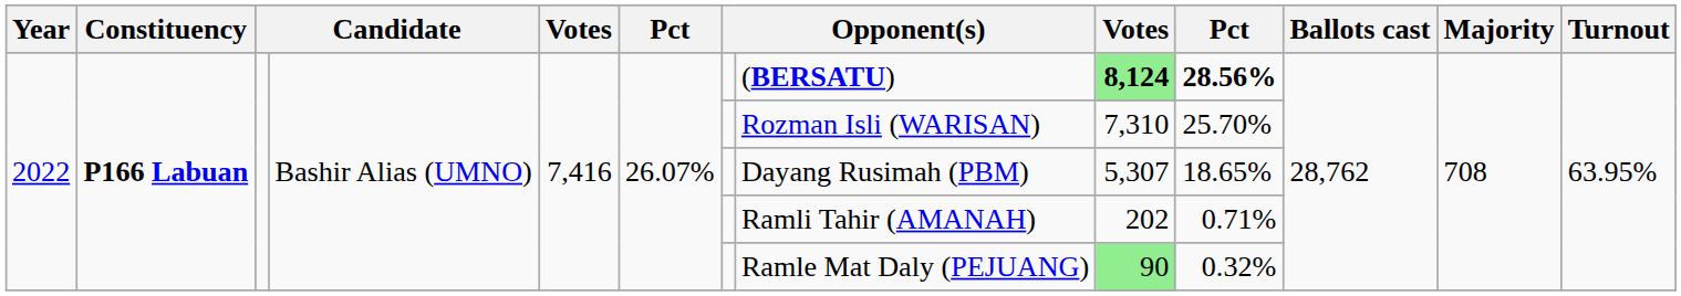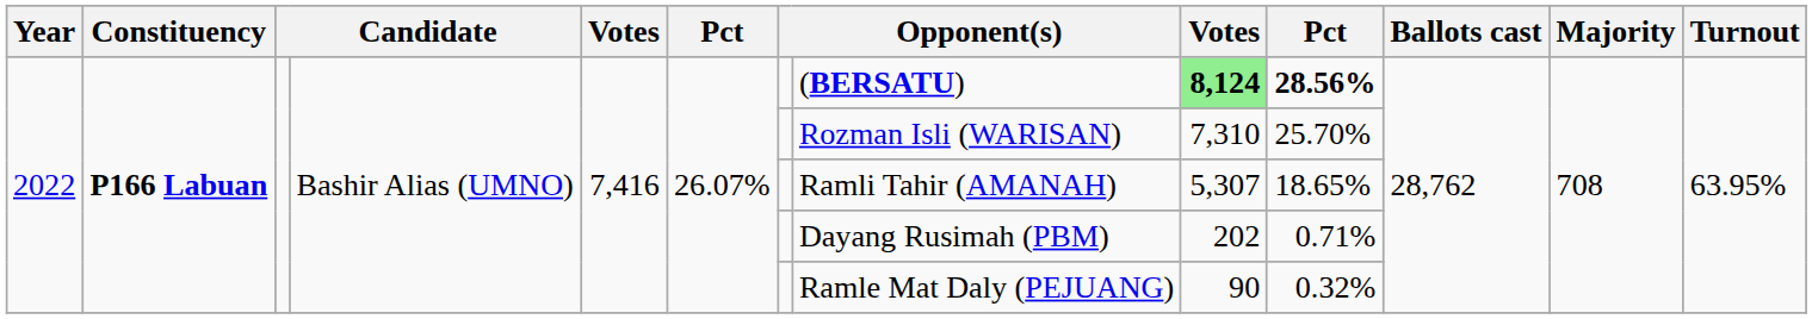 <table class="wikitable" style="margin:0.5em ; font-size:95%">
 <tr>
 <th>Year</th>
 <th>Constituency</th>
 <th colspan=2>Candidate</th>
 <th>Votes</th>
 <th>Pct</th>
 <th colspan=2>Opponent(s)</th>
 <th>Votes</th>
 <th>Pct</th>
 <th>Ballots cast</th>
 <th>Majority</th>
 <th>Turnout</th>
 </tr>
 <tr>
 <td rowspan=5><a href='#'>2022</a></td>
 <td rowspan=5><strong>P166 <a href='#'>Labuan</a></strong></td>
 <td rowspan=5 ></td>
 <td rowspan=5>Bashir Alias (<a href='#'>UMNO</a>)</td>
 <td rowspan=5 align="right">7,416</td>
 <td rowspan=5>26.07%</td>
 <td bgcolor=></td>
 <td> (<a href='#'><strong>BERSATU</strong></a>)</td>
 <td align="right" style="background: lightgreen;"><strong>8,124</strong></td>
 <td><strong>28.56%</strong></td>
 <td rowspan=5>28,762</td>
 <td rowspan=5>708</td>
 <td rowspan=5>63.95%</td>
 </tr>
 <tr>
 <td></td>
 <td><a href='#'>Rozman Isli</a> (<a href='#'>WARISAN</a>)</td>
 <td align=right>7,310</td>
 <td>25.70%</td>
 </tr>
 <tr>
 <td></td>
-<td>Dayang Rusimah (<a href='#'>PBM</a>)</td>
+<td>Ramli Tahir (<a href='#'>AMANAH</a>)</td>
 <td align=right>5,307</td>
 <td>18.65%</td>
 </tr>
 <tr>
 <td bgcolor=></td>
-<td>Ramli Tahir (<a href='#'>AMANAH</a>)</td>
+<td>Dayang Rusimah (<a href='#'>PBM</a>)</td>
 <td align=right>202</td>
 <td align=right>0.71%</td>
 </tr>
 <tr>
 <td bgcolor=></td>
 <td>Ramle Mat Daly (<a href='#'>PEJUANG</a>)</td>
-<td align=right style="background: lightgreen;">90</td>
+<td align=right>90</td>
 <td align=right>0.32%</td>
 </tr>
 </table>
